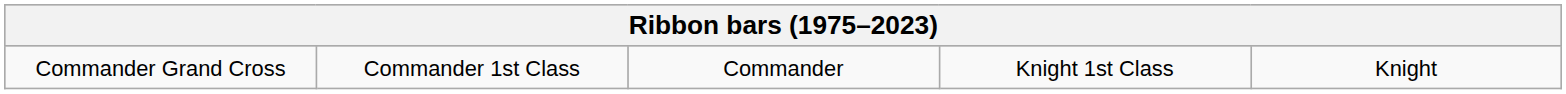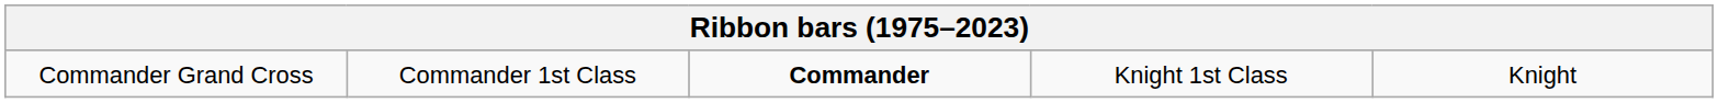 <table align=center class=wikitable width=60%>
 <tr>
 <th colspan=5>Ribbon bars (1975–2023)</th>
 </tr>
 <tr>
 <td width=20% valign=top align=center><small>Commander Grand Cross</small></td>
 <td width=20% valign=top align=center><small>Commander 1st Class</small></td>
-<td width=20% valign=top align=center><small>Commander</small></td>
+<td width=20% valign=top align=center><strong><small>Commander</small></strong></td>
 <td width=20% valign=top align=center><small>Knight 1st Class</small></td>
 <td width=20% valign=top align=center><small>Knight</small></td>
 </tr>
 </table>
